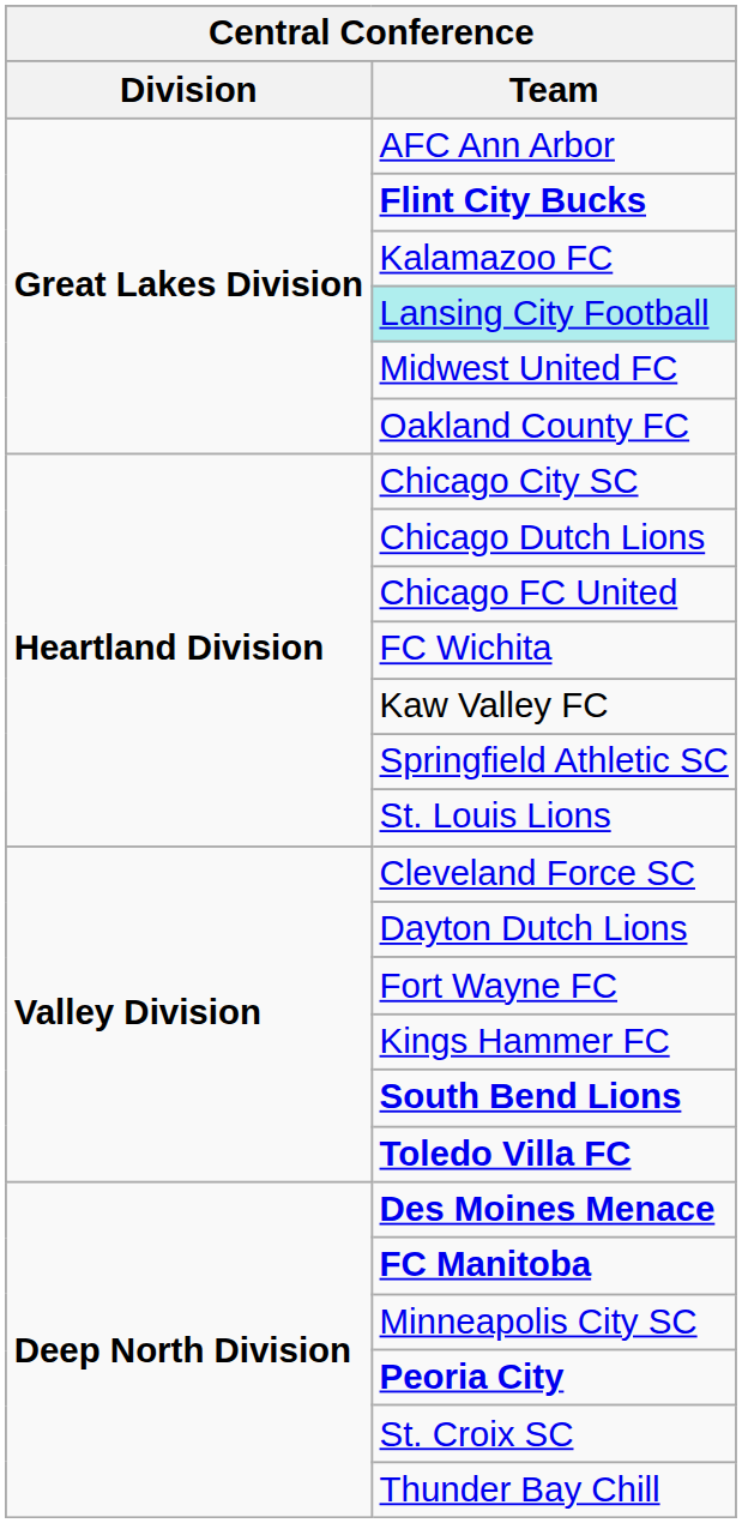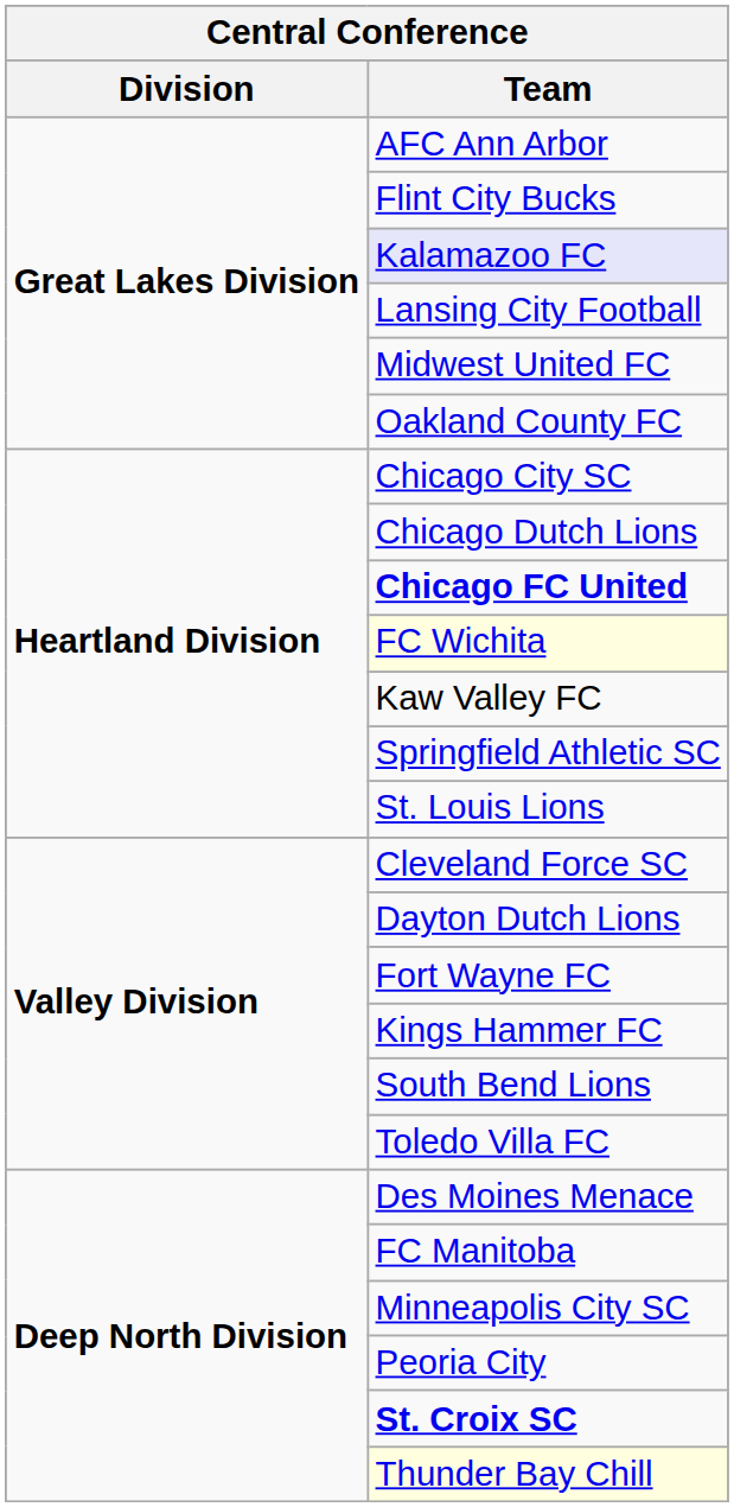 <table class="wikitable" style="text-align:left">
 <tr>
 <th colspan=3>Central Conference</th>
 </tr>
 <tr>
 <th>Division</th>
 <th>Team</th>
 </tr>
 <tr>
 <td rowspan=6><strong>Great Lakes Division</strong></td>
 <td><a href='#'>AFC Ann Arbor</a></td>
 </tr>
 <tr>
-<td><strong><a href='#'>Flint City Bucks</a></strong></td>
+<td><a href='#'>Flint City Bucks</a></td>
 </tr>
 <tr>
-<td><a href='#'>Kalamazoo FC</a></td>
+<td style="background: lavender;"><a href='#'>Kalamazoo FC</a></td>
 </tr>
 <tr>
-<td style="background: paleturquoise;"><a href='#'>Lansing City Football</a></td>
+<td><a href='#'>Lansing City Football</a></td>
 </tr>
 <tr>
 <td><a href='#'>Midwest United FC</a></td>
 </tr>
 <tr>
 <td><a href='#'>Oakland County FC</a></td>
 </tr>
 <tr>
 <td rowspan=7><strong>Heartland Division</strong></td>
 <td><a href='#'>Chicago City SC</a></td>
 </tr>
 <tr>
 <td><a href='#'>Chicago Dutch Lions</a></td>
 </tr>
 <tr>
-<td><a href='#'>Chicago FC United</a></td>
+<td><strong><a href='#'>Chicago FC United</a></strong></td>
 </tr>
 <tr>
-<td><a href='#'>FC Wichita</a></td>
+<td style="background: lightyellow;"><a href='#'>FC Wichita</a></td>
 </tr>
 <tr>
 <td>Kaw Valley FC</td>
 </tr>
 <tr>
 <td><a href='#'>Springfield Athletic SC</a></td>
 </tr>
 <tr>
 <td><a href='#'>St. Louis Lions</a></td>
 </tr>
 <tr>
 <td rowspan=6><strong>Valley Division</strong></td>
 <td><a href='#'>Cleveland Force SC</a></td>
 </tr>
 <tr>
 <td><a href='#'>Dayton Dutch Lions</a></td>
 </tr>
 <tr>
 <td><a href='#'>Fort Wayne FC</a></td>
 </tr>
 <tr>
 <td><a href='#'>Kings Hammer FC</a></td>
 </tr>
 <tr>
-<td><strong><a href='#'>South Bend Lions</a></strong></td>
+<td><a href='#'>South Bend Lions</a></td>
 </tr>
 <tr>
-<td><strong><a href='#'>Toledo Villa FC</a></strong></td>
+<td><a href='#'>Toledo Villa FC</a></td>
 </tr>
 <tr>
 <td rowspan=6><strong>Deep North Division</strong></td>
-<td><strong><a href='#'>Des Moines Menace</a></strong></td>
+<td><a href='#'>Des Moines Menace</a></td>
 </tr>
 <tr>
-<td><strong><a href='#'>FC Manitoba</a></strong></td>
+<td><a href='#'>FC Manitoba</a></td>
 </tr>
 <tr>
 <td><a href='#'>Minneapolis City SC</a></td>
 </tr>
 <tr>
-<td><strong><a href='#'>Peoria City</a></strong></td>
+<td><a href='#'>Peoria City</a></td>
 </tr>
 <tr>
-<td><a href='#'>St. Croix SC</a></td>
+<td><strong><a href='#'>St. Croix SC</a></strong></td>
 </tr>
 <tr>
-<td><a href='#'>Thunder Bay Chill</a></td>
+<td style="background: lightyellow;"><a href='#'>Thunder Bay Chill</a></td>
 </tr>
 </table>
